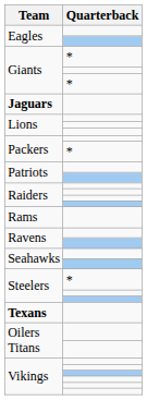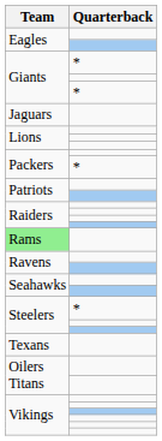 <table class="wikitable">
 <tr>
 <th>Team</th>
 <th>Quarterback</th>
 </tr>
 <tr>
 <td rowspan="2">Eagles</td>
 <td></td>
 </tr>
 <tr>
 <td style="background:#A1CAF1"><strong></strong></td>
 </tr>
 <tr>
 <td rowspan="3">Giants</td>
 <td>*</td>
 </tr>
 <tr>
 <td></td>
 </tr>
 <tr>
 <td>*</td>
 </tr>
 <tr>
-<td><strong>Jaguars</strong></td>
+<td>Jaguars</td>
 <td></td>
 </tr>
 <tr>
 <td rowspan="3">Lions</td>
 <td></td>
 </tr>
 <tr>
 <td></td>
 </tr>
 <tr>
 <td></td>
 </tr>
 <tr>
 <td rowspan="2">Packers</td>
 <td></td>
 </tr>
 <tr>
 <td>*</td>
 </tr>
 <tr>
 <td rowspan="2">Patriots</td>
 <td></td>
 </tr>
 <tr>
 <td style="background:#A1CAF1"><strong></strong></td>
 </tr>
 <tr>
 <td rowspan="4">Raiders</td>
 <td></td>
 </tr>
 <tr>
 <td></td>
 </tr>
 <tr>
 <td></td>
 </tr>
 <tr>
 <td style="background:#A1CAF1"><strong></strong></td>
 </tr>
 <tr>
-<td>Rams</td>
+<td style="background: lightgreen;">Rams</td>
 <td></td>
 </tr>
 <tr>
 <td rowspan="2">Ravens</td>
 <td></td>
 </tr>
 <tr>
 <td style="background:#A1CAF1"><strong></strong></td>
 </tr>
 <tr>
 <td rowspan="2">Seahawks</td>
 <td></td>
 </tr>
 <tr>
 <td style="background:#A1CAF1"><strong></strong></td>
 </tr>
 <tr>
 <td rowspan="3">Steelers</td>
 <td>*</td>
 </tr>
 <tr>
 <td></td>
 </tr>
 <tr>
 <td style="background:#A1CAF1"><strong></strong></td>
 </tr>
 <tr>
-<td><strong>Texans</strong></td>
+<td>Texans</td>
 <td></td>
 </tr>
 <tr>
 <td rowspan="2">Oilers<br>Titans</td>
 <td></td>
 </tr>
 <tr>
 <td></td>
 </tr>
 <tr>
 <td rowspan="6">Vikings</td>
 <td></td>
 </tr>
 <tr>
 <td></td>
 </tr>
 <tr>
 <td style="background:#A1CAF1"><strong></strong></td>
 </tr>
 <tr>
 <td></td>
 </tr>
 <tr>
 <td></td>
 </tr>
 <tr>
 <td></td>
 </tr>
 </table>
